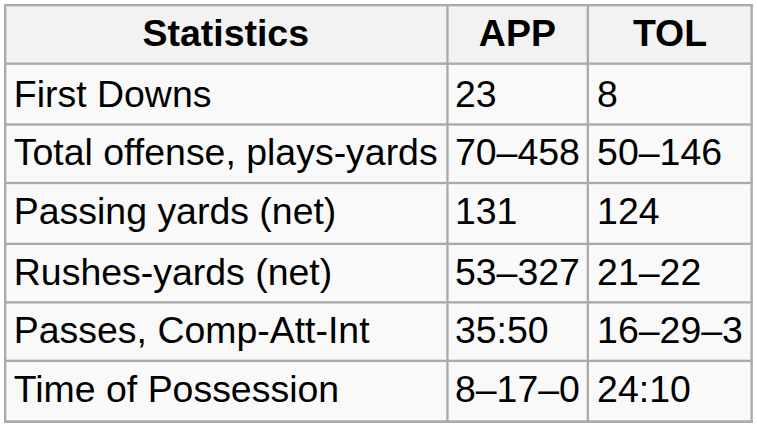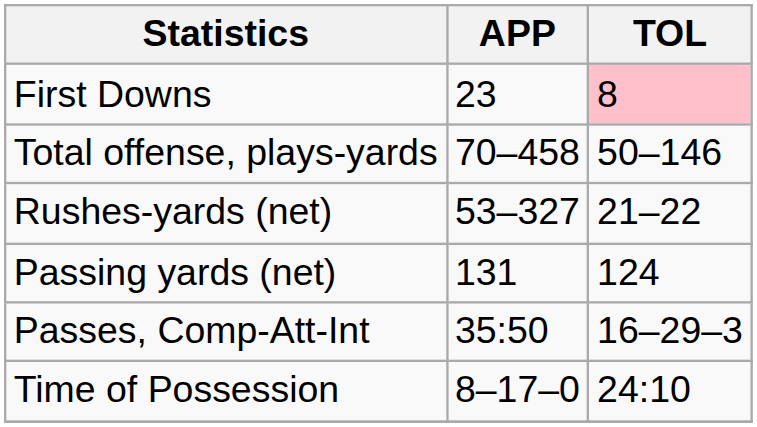 <table class="wikitable">
 <tr>
 <th>Statistics</th>
 <th>APP</th>
 <th>TOL</th>
 </tr>
 <tr>
 <td>First Downs</td>
 <td>23</td>
-<td>8</td>
+<td style="background: pink;">8</td>
 </tr>
 <tr>
 <td>Total offense, plays-yards</td>
 <td>70–458</td>
 <td>50–146</td>
 </tr>
 <tr>
+<td>Rushes-yards (net)</td>
+<td>53–327</td>
+<td>21–22</td>
+</tr>
+<tr>
 <td>Passing yards (net)</td>
 <td>131</td>
 <td>124</td>
-</tr>
-<tr>
-<td>Rushes-yards (net)</td>
-<td>53–327</td>
-<td>21–22</td>
 </tr>
 <tr>
 <td>Passes, Comp-Att-Int</td>
 <td>35:50</td>
 <td>16–29–3</td>
 </tr>
 <tr>
 <td>Time of Possession</td>
 <td>8–17–0</td>
 <td>24:10</td>
 </tr>
 <tr>
 </tr>
 </table>
